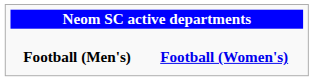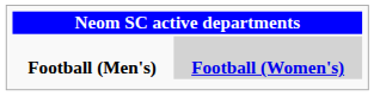 <table class="infobox" style="width: 20em; font-size: 95%em;">
 <tr style="color:white; background:blue; text-align:center;">
 <th colspan="3" style="text-align: center">Neom SC active departments</th>
 </tr>
 <tr style="text-align: center">
 <td><br><strong>Football (Men's)</strong></td>
-<td><br><strong><a href='#'>Football (Women's)</a></strong></td>
+<td style="background: lightgrey;"><br><strong><a href='#'>Football (Women's)</a></strong></td>
 </tr>
 <tr style="font-size: 85%; text-align: center">
 <td></td>
 </tr>
 </table>
